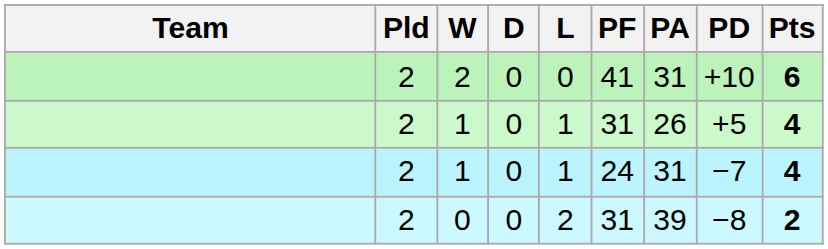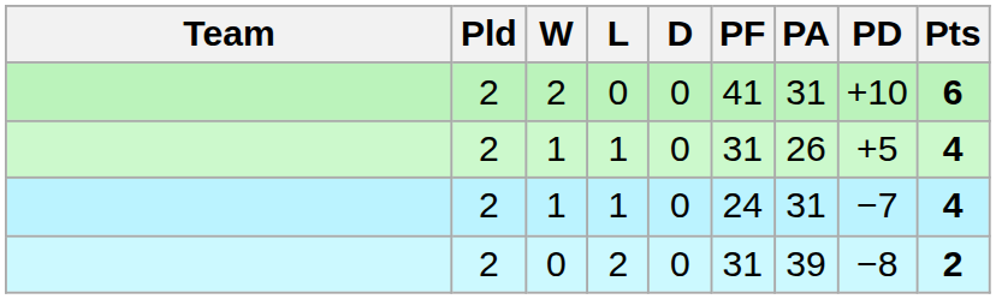 <table class="wikitable" style="text-align:center;">
 <tr>
 <th width=190>Team</th>
 <th width=20 abbr="Played">Pld</th>
 <th width=20 abbr="Won">W</th>
+<th width=20 abbr="Lost">L</th>
 <th width=20 abbr="Drawn">D</th>
-<th width=20 abbr="Lost">L</th>
 <th width=20 abbr="Points for">PF</th>
 <th width=20 abbr="Points against">PA</th>
 <th width=25 abbr="Points difference">PD</th>
 <th width=20 abbr="Points">Pts</th>
 </tr>
 <tr bgcolor=BBF3BB>
 <td align=left></td>
 <td>2</td>
 <td>2</td>
 <td>0</td>
 <td>0</td>
 <td>41</td>
 <td>31</td>
 <td>+10</td>
 <td><strong>6</strong></td>
 </tr>
 <tr bgcolor=CCF9CC>
 <td align=left></td>
 <td>2</td>
 <td>1</td>
+<td>1</td>
 <td>0</td>
-<td>1</td>
 <td>31</td>
 <td>26</td>
 <td>+5</td>
 <td><strong>4</strong></td>
 </tr>
 <tr bgcolor=BBF3FF>
 <td align=left></td>
 <td>2</td>
 <td>1</td>
+<td>1</td>
 <td>0</td>
-<td>1</td>
 <td>24</td>
 <td>31</td>
 <td>−7</td>
 <td><strong>4</strong></td>
 </tr>
 <tr bgcolor=CCF9FF>
 <td align=left></td>
 <td>2</td>
 <td>0</td>
+<td>2</td>
 <td>0</td>
-<td>2</td>
 <td>31</td>
 <td>39</td>
 <td>−8</td>
 <td><strong>2</strong></td>
 </tr>
 </table>
